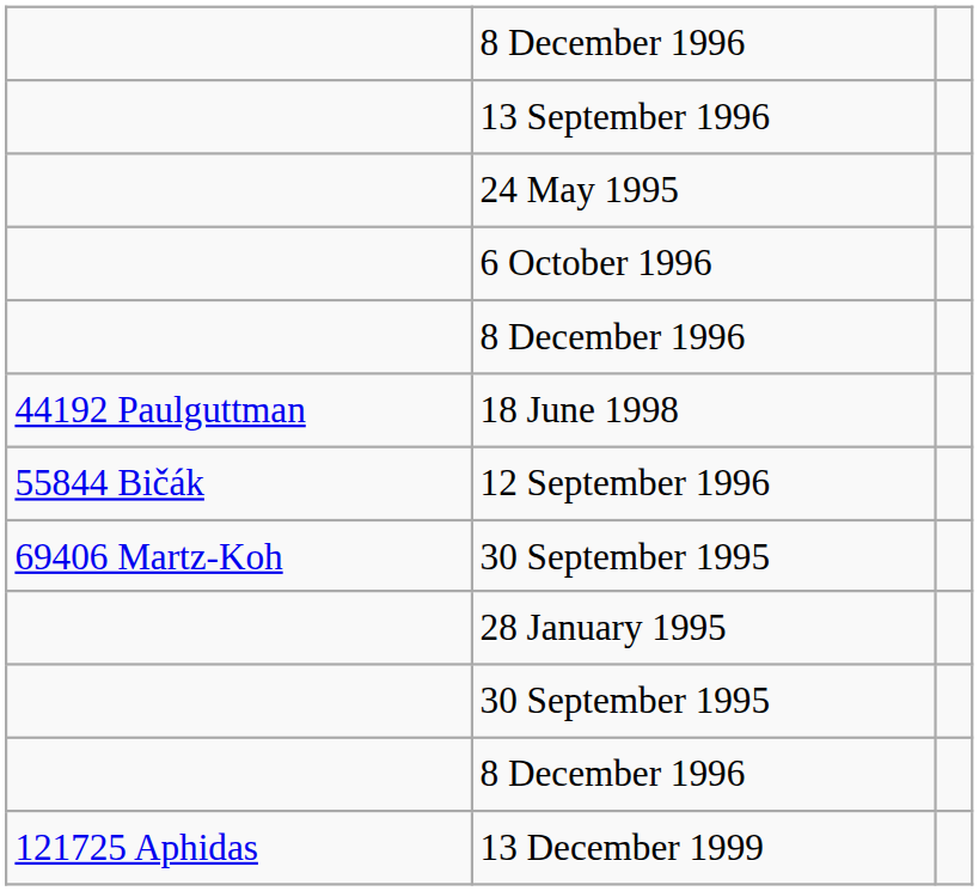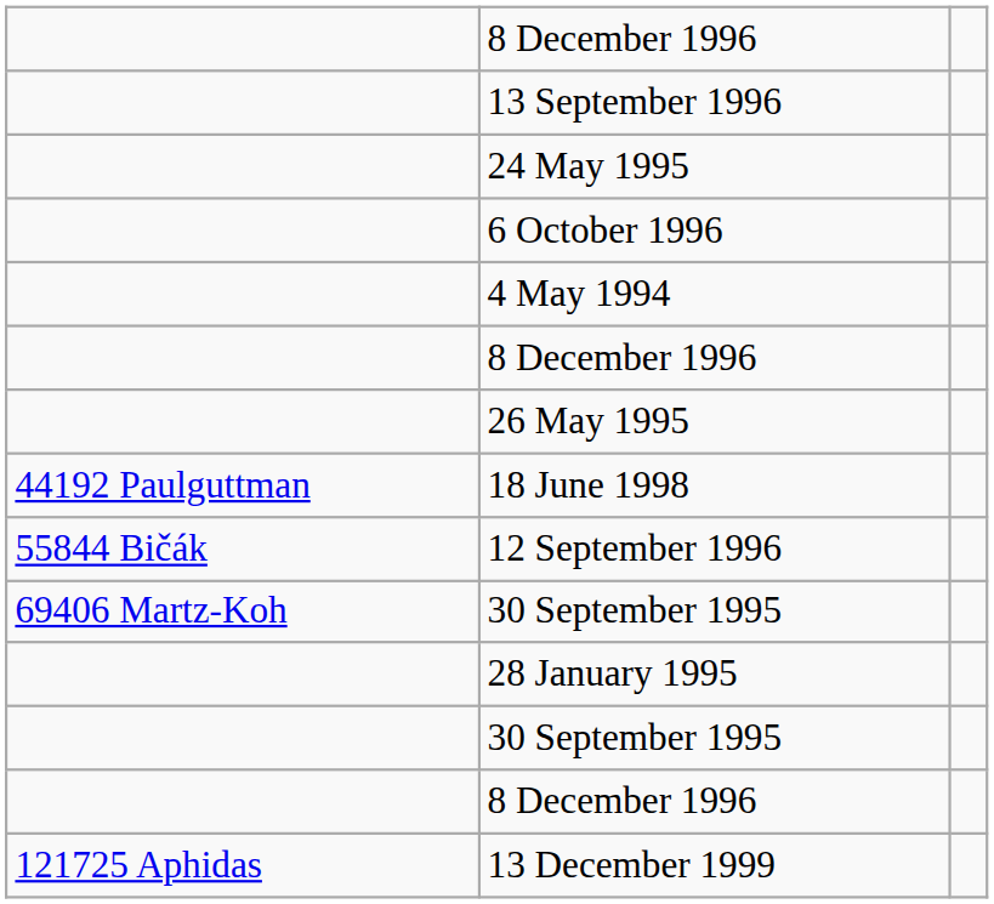 <table class="wikitable" style="font-size: 89%; float: left; width: 26em; margin-right: 1em; height: 336px;">
 <tr>
 <td></td>
 <td>8 December 1996</td>
 <td></td>
 </tr>
 <tr>
 <td></td>
 <td>13 September 1996</td>
 <td></td>
 </tr>
 <tr>
 <td></td>
 <td>24 May 1995</td>
 <td></td>
 </tr>
 <tr>
 <td></td>
 <td>6 October 1996</td>
 <td></td>
 </tr>
 <tr>
 <td></td>
+<td>4 May 1994</td>
+<td> </td>
+</tr>
+<tr>
+<td></td>
 <td>8 December 1996</td>
+<td></td>
+</tr>
+<tr>
+<td></td>
+<td>26 May 1995</td>
 <td></td>
 </tr>
 <tr>
 <td><a href='#'>44192 Paulguttman</a></td>
 <td>18 June 1998</td>
 <td></td>
 </tr>
 <tr>
 <td><a href='#'>55844 Bičák</a></td>
 <td>12 September 1996</td>
 <td></td>
 </tr>
 <tr>
 <td><a href='#'>69406 Martz-Koh</a></td>
 <td>30 September 1995</td>
 <td></td>
 </tr>
 <tr>
 <td></td>
 <td>28 January 1995</td>
 <td> </td>
 </tr>
 <tr>
 <td></td>
 <td>30 September 1995</td>
 <td></td>
 </tr>
 <tr>
 <td></td>
 <td>8 December 1996</td>
 <td></td>
 </tr>
 <tr>
 <td><a href='#'>121725 Aphidas</a></td>
 <td>13 December 1999</td>
 <td></td>
 </tr>
 </table>
